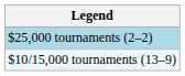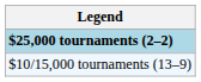 <table class="wikitable" style=font-size:90%>
 <tr>
 <th>Legend</th>
 </tr>
 <tr style="background:lightblue;">
-<td>$25,000 tournaments (2–2)</td>
+<td><strong>$25,000 tournaments (2–2)</strong></td>
 </tr>
 <tr style="background:#f0f8ff;">
 <td>$10/15,000 tournaments (13–9)</td>
 </tr>
 </table>
